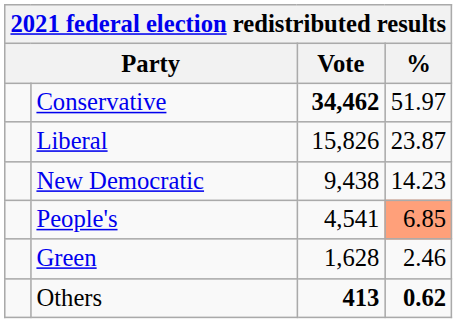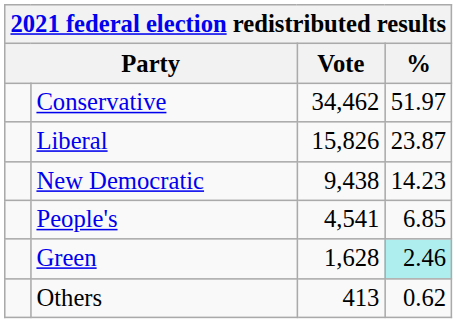 <table class="wikitable">
 <tr>
 <th colspan="4"><a href='#'>2021 federal election</a> redistributed results</th>
 </tr>
 <tr>
 <th bgcolor="#DDDDFF" width="130px" colspan="2">Party</th>
 <th bgcolor="#DDDDFF" width="50px">Vote</th>
 <th bgcolor="#DDDDFF" width="30px">%</th>
 </tr>
 <tr>
 <td> </td>
 <td><a href='#'>Conservative</a></td>
-<td align=right><strong>34,462</strong></td>
+<td align=right>34,462</td>
 <td align=right>51.97</td>
 </tr>
 <tr>
 <td> </td>
 <td><a href='#'>Liberal</a></td>
 <td align=right>15,826</td>
 <td align=right>23.87</td>
 </tr>
 <tr>
 <td> </td>
 <td><a href='#'>New Democratic</a></td>
 <td align=right>9,438</td>
 <td align=right>14.23</td>
 </tr>
 <tr>
 <td> </td>
 <td><a href='#'>People's</a></td>
 <td align=right>4,541</td>
-<td align=right style="background: lightsalmon;">6.85</td>
+<td align=right>6.85</td>
 </tr>
 <tr>
 <td> </td>
 <td><a href='#'>Green</a></td>
 <td align=right>1,628</td>
-<td align=right>2.46</td>
+<td align=right style="background: paleturquoise;">2.46</td>
 </tr>
 <tr>
 <td> </td>
 <td>Others</td>
-<td align=right><strong>413</strong></td>
-<td align=right><strong>0.62</strong></td>
+<td align=right>413</td>
+<td align=right>0.62</td>
 </tr>
 </table>
